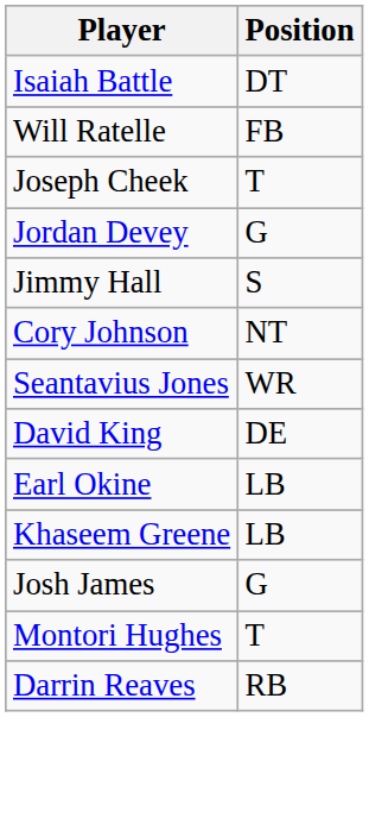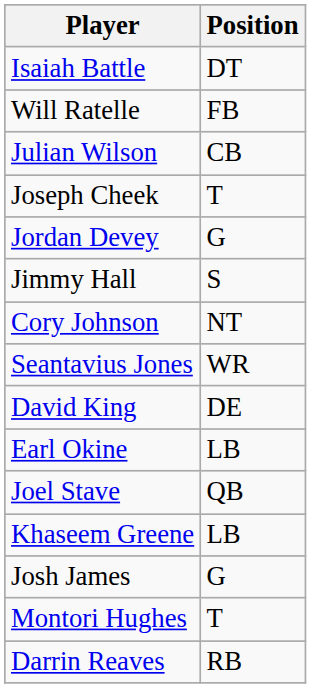 <table class="wikitable sortable">
 <tr>
 <th>Player</th>
 <th>Position</th>
 </tr>
 <tr>
 <td><a href='#'>Isaiah Battle</a></td>
 <td>DT</td>
 </tr>
 <tr>
 <td>Will Ratelle</td>
 <td>FB</td>
+</tr>
+<tr>
+<td><a href='#'>Julian Wilson</a></td>
+<td>CB</td>
 </tr>
 <tr>
 <td>Joseph Cheek</td>
 <td>T</td>
 </tr>
 <tr>
 <td><a href='#'>Jordan Devey</a></td>
 <td>G</td>
 </tr>
 <tr>
 <td>Jimmy Hall</td>
 <td>S</td>
 </tr>
 <tr>
 <td><a href='#'>Cory Johnson</a></td>
 <td>NT</td>
 </tr>
 <tr>
 <td><a href='#'>Seantavius Jones</a></td>
 <td>WR</td>
 </tr>
 <tr>
 <td><a href='#'>David King</a></td>
 <td>DE</td>
 </tr>
 <tr>
 <td><a href='#'>Earl Okine</a></td>
 <td>LB</td>
 </tr>
 <tr>
+<td><a href='#'>Joel Stave</a></td>
+<td>QB</td>
+</tr>
+<tr>
 <td><a href='#'>Khaseem Greene</a></td>
 <td>LB</td>
 </tr>
 <tr>
 <td>Josh James</td>
 <td>G</td>
 </tr>
 <tr>
 <td><a href='#'>Montori Hughes</a></td>
 <td>T</td>
 </tr>
 <tr>
 <td><a href='#'>Darrin Reaves</a></td>
 <td>RB</td>
 </tr>
 </table>
